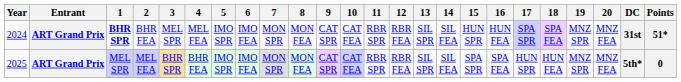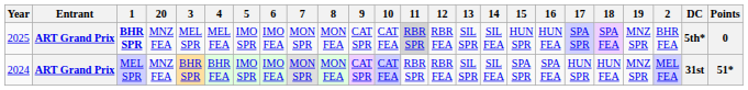 <table class="wikitable" style="text-align:center; font-size:85%;">
 <tr>
 <th>Year</th>
 <th>Entrant</th>
 <th>1</th>
-<th>2</th>
+<th>20</th>
 <th>3</th>
 <th>4</th>
 <th>5</th>
 <th>6</th>
 <th>7</th>
 <th>8</th>
 <th>9</th>
 <th>10</th>
 <th>11</th>
 <th>12</th>
 <th>13</th>
 <th>14</th>
 <th>15</th>
 <th>16</th>
 <th>17</th>
 <th>18</th>
 <th>19</th>
-<th>20</th>
+<th>2</th>
 <th>DC</th>
 <th>Points</th>
 </tr>
 <tr>
-<td><a href='#'>2024</a></td>
+<td><a href='#'>2025</a></td>
 <th nowrap><a href='#'>ART Grand Prix</a></th>
 <td><strong><a href='#'>BHR<br>SPR</a></strong></td>
-<td><a href='#'>BHR<br>FEA</a></td>
+<td><a href='#'>MNZ<br>FEA</a></td>
 <td><a href='#'>MEL<br>SPR</a></td>
 <td><a href='#'>MEL<br>FEA</a></td>
 <td><a href='#'>IMO<br>SPR</a></td>
 <td><a href='#'>IMO<br>FEA</a></td>
 <td><a href='#'>MON<br>SPR</a></td>
 <td><a href='#'>MON<br>FEA</a></td>
 <td><a href='#'>CAT<br>SPR</a></td>
 <td><a href='#'>CAT<br>FEA</a></td>
-<td><a href='#'>RBR<br>SPR</a></td>
+<td style="background: lightgrey;"><a href='#'>RBR<br>SPR</a></td>
 <td><a href='#'>RBR<br>FEA</a></td>
 <td><a href='#'>SIL<br>SPR</a></td>
 <td><a href='#'>SIL<br>FEA</a></td>
 <td><a href='#'>HUN<br>SPR</a></td>
 <td><a href='#'>HUN<br>FEA</a></td>
 <td style="background:#CFCFFF;"><a href='#'>SPA<br>SPR</a><br></td>
 <td style="background:#EFCFFF;"><a href='#'>SPA<br>FEA</a><br></td>
 <td><a href='#'>MNZ<br>SPR</a></td>
-<td><a href='#'>MNZ<br>FEA</a></td>
-<th>31st</th>
-<th>51*</th>
+<td><a href='#'>BHR<br>FEA</a></td>
+<th>5th*</th>
+<th>0</th>
 </tr>
 <tr>
-<td><a href='#'>2025</a></td>
+<td><a href='#'>2024</a></td>
 <th nowrap><a href='#'>ART Grand Prix</a></th>
 <td style="background:#CFCFFF;"><a href='#'>MEL<br>SPR</a><br></td>
-<td style="background:#CFCFFF;"><a href='#'>MEL<br>FEA</a><br></td>
+<td style="background:#;"><a href='#'>MNZ<br>FEA</a><br></td>
 <td style="background:#FFDF9F;"><a href='#'>BHR<br>SPR</a><br></td>
 <td style="background:#DFFFDF;"><a href='#'>BHR<br>FEA</a><br></td>
 <td style="background:#DFFFDF;"><a href='#'>IMO<br>SPR</a><br></td>
 <td style="background:#DFFFDF;"><a href='#'>IMO<br>FEA</a><br></td>
 <td style="background:#DFDFDF;"><a href='#'>MON<br>SPR</a><br></td>
 <td style="background:#DFFFDF;"><a href='#'>MON<br>FEA</a><br></td>
 <td style="background:#EFCFFF;"><a href='#'>CAT<br>SPR</a><br></td>
 <td style="background:#CFCFFF;"><a href='#'>CAT<br>FEA</a><br></td>
 <td style="background:#;"><a href='#'>RBR<br>SPR</a><br></td>
 <td style="background:#;"><a href='#'>RBR<br>FEA</a><br></td>
 <td style="background:#;"><a href='#'>SIL<br>SPR</a><br></td>
 <td style="background:#;"><a href='#'>SIL<br>FEA</a><br></td>
 <td style="background:#;"><a href='#'>SPA<br>SPR</a><br></td>
 <td style="background:#;"><a href='#'>SPA<br>FEA</a><br></td>
 <td style="background:#;"><a href='#'>HUN<br>SPR</a><br></td>
 <td style="background:#;"><a href='#'>HUN<br>FEA</a><br></td>
 <td style="background:#;"><a href='#'>MNZ<br>SPR</a><br></td>
-<td style="background:#;"><a href='#'>MNZ<br>FEA</a><br></td>
-<th>5th*</th>
-<th>0</th>
+<td style="background:#CFCFFF;"><a href='#'>MEL<br>FEA</a><br></td>
+<th>31st</th>
+<th>51*</th>
 </tr>
 </table>
